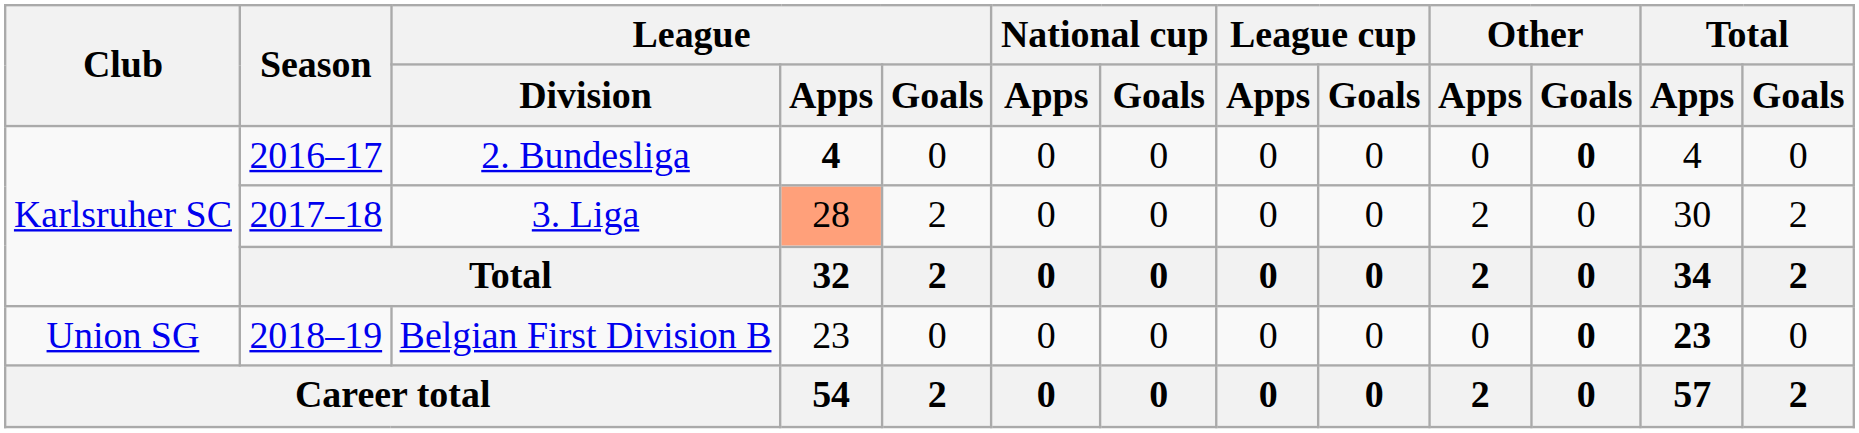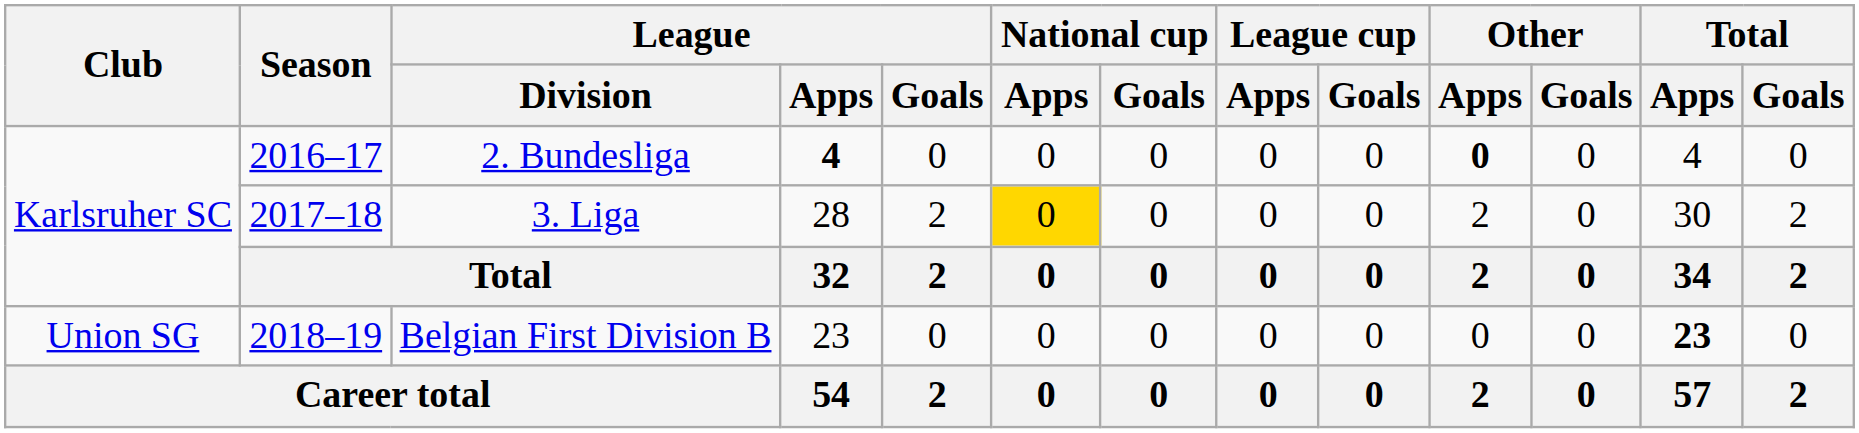 <table class="wikitable" style="text-align: center">
 <tr>
 <th rowspan="2">Club</th>
 <th rowspan="2">Season</th>
 <th colspan="3">League</th>
 <th colspan="2">National cup</th>
 <th colspan="2">League cup</th>
 <th colspan="2">Other</th>
 <th colspan="2">Total</th>
 </tr>
 <tr>
 <th>Division</th>
 <th>Apps</th>
 <th>Goals</th>
 <th>Apps</th>
 <th>Goals</th>
 <th>Apps</th>
 <th>Goals</th>
 <th>Apps</th>
 <th>Goals</th>
 <th>Apps</th>
 <th>Goals</th>
 </tr>
 <tr>
 <td rowspan="3"><a href='#'>Karlsruher SC</a></td>
 <td><a href='#'>2016–17</a></td>
 <td><a href='#'>2. Bundesliga</a></td>
 <td><strong>4</strong></td>
 <td>0</td>
 <td>0</td>
 <td>0</td>
 <td>0</td>
 <td>0</td>
+<td><strong>0</strong></td>
 <td>0</td>
-<td><strong>0</strong></td>
 <td>4</td>
 <td>0</td>
 </tr>
 <tr>
 <td><a href='#'>2017–18</a></td>
 <td><a href='#'>3. Liga</a></td>
-<td style="background: lightsalmon;">28</td>
+<td>28</td>
 <td>2</td>
-<td>0</td>
+<td style="background: gold;">0</td>
 <td>0</td>
 <td>0</td>
 <td>0</td>
 <td>2</td>
 <td>0</td>
 <td>30</td>
 <td>2</td>
 </tr>
 <tr>
 <th colspan="2">Total</th>
 <th>32</th>
 <th>2</th>
 <th>0</th>
 <th>0</th>
 <th>0</th>
 <th>0</th>
 <th>2</th>
 <th>0</th>
 <th>34</th>
 <th>2</th>
 </tr>
 <tr>
 <td><a href='#'>Union SG</a></td>
 <td><a href='#'>2018–19</a></td>
 <td><a href='#'>Belgian First Division B</a></td>
 <td>23</td>
 <td>0</td>
 <td>0</td>
 <td>0</td>
 <td>0</td>
 <td>0</td>
 <td>0</td>
-<td><strong>0</strong></td>
+<td>0</td>
 <td><strong>23</strong></td>
 <td>0</td>
 </tr>
 <tr>
 <th colspan="3">Career total</th>
 <th>54</th>
 <th>2</th>
 <th>0</th>
 <th>0</th>
 <th>0</th>
 <th>0</th>
 <th>2</th>
 <th>0</th>
 <th>57</th>
 <th>2</th>
 </tr>
 </table>
